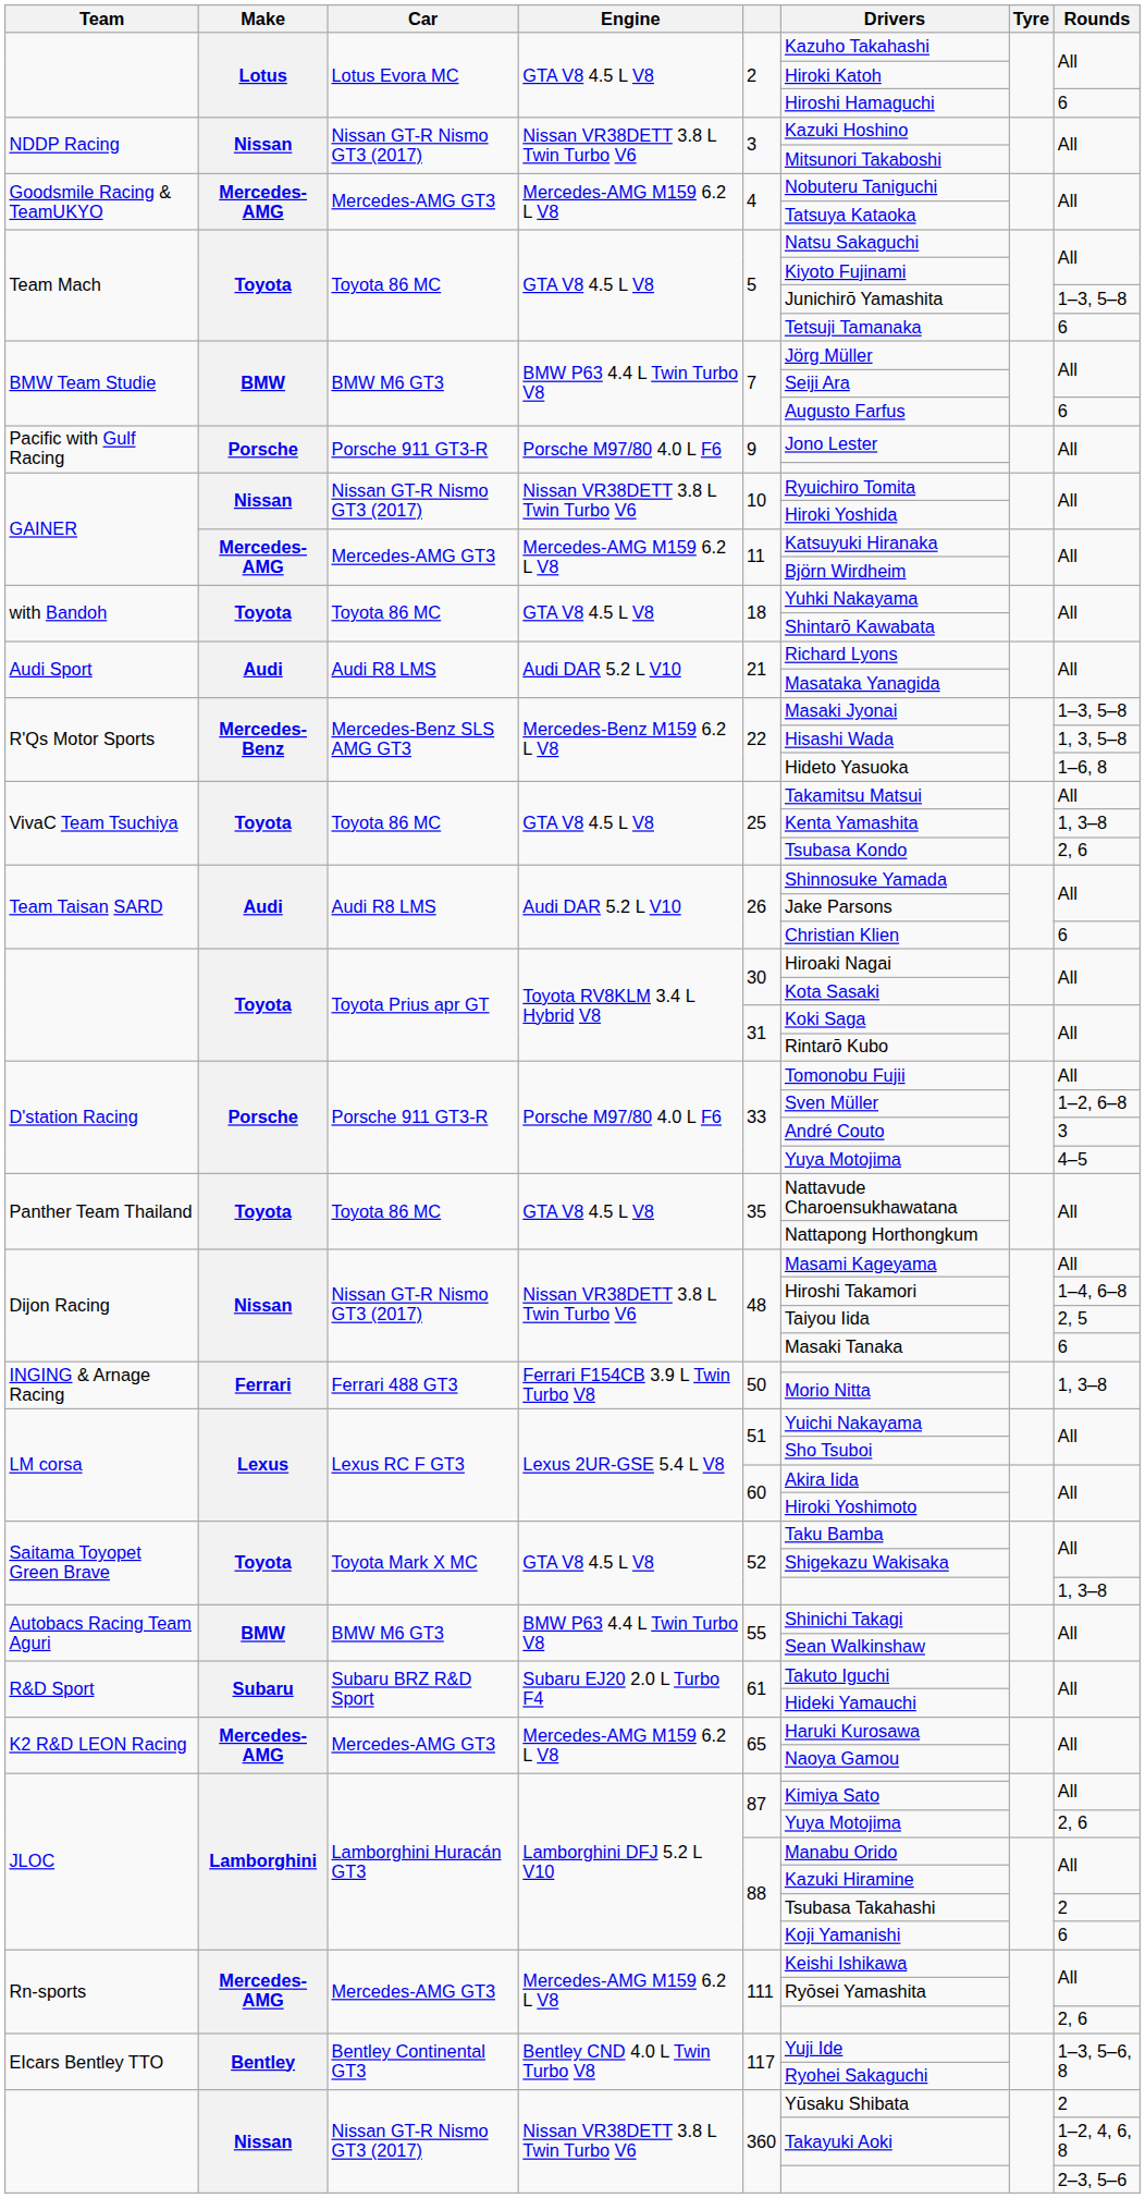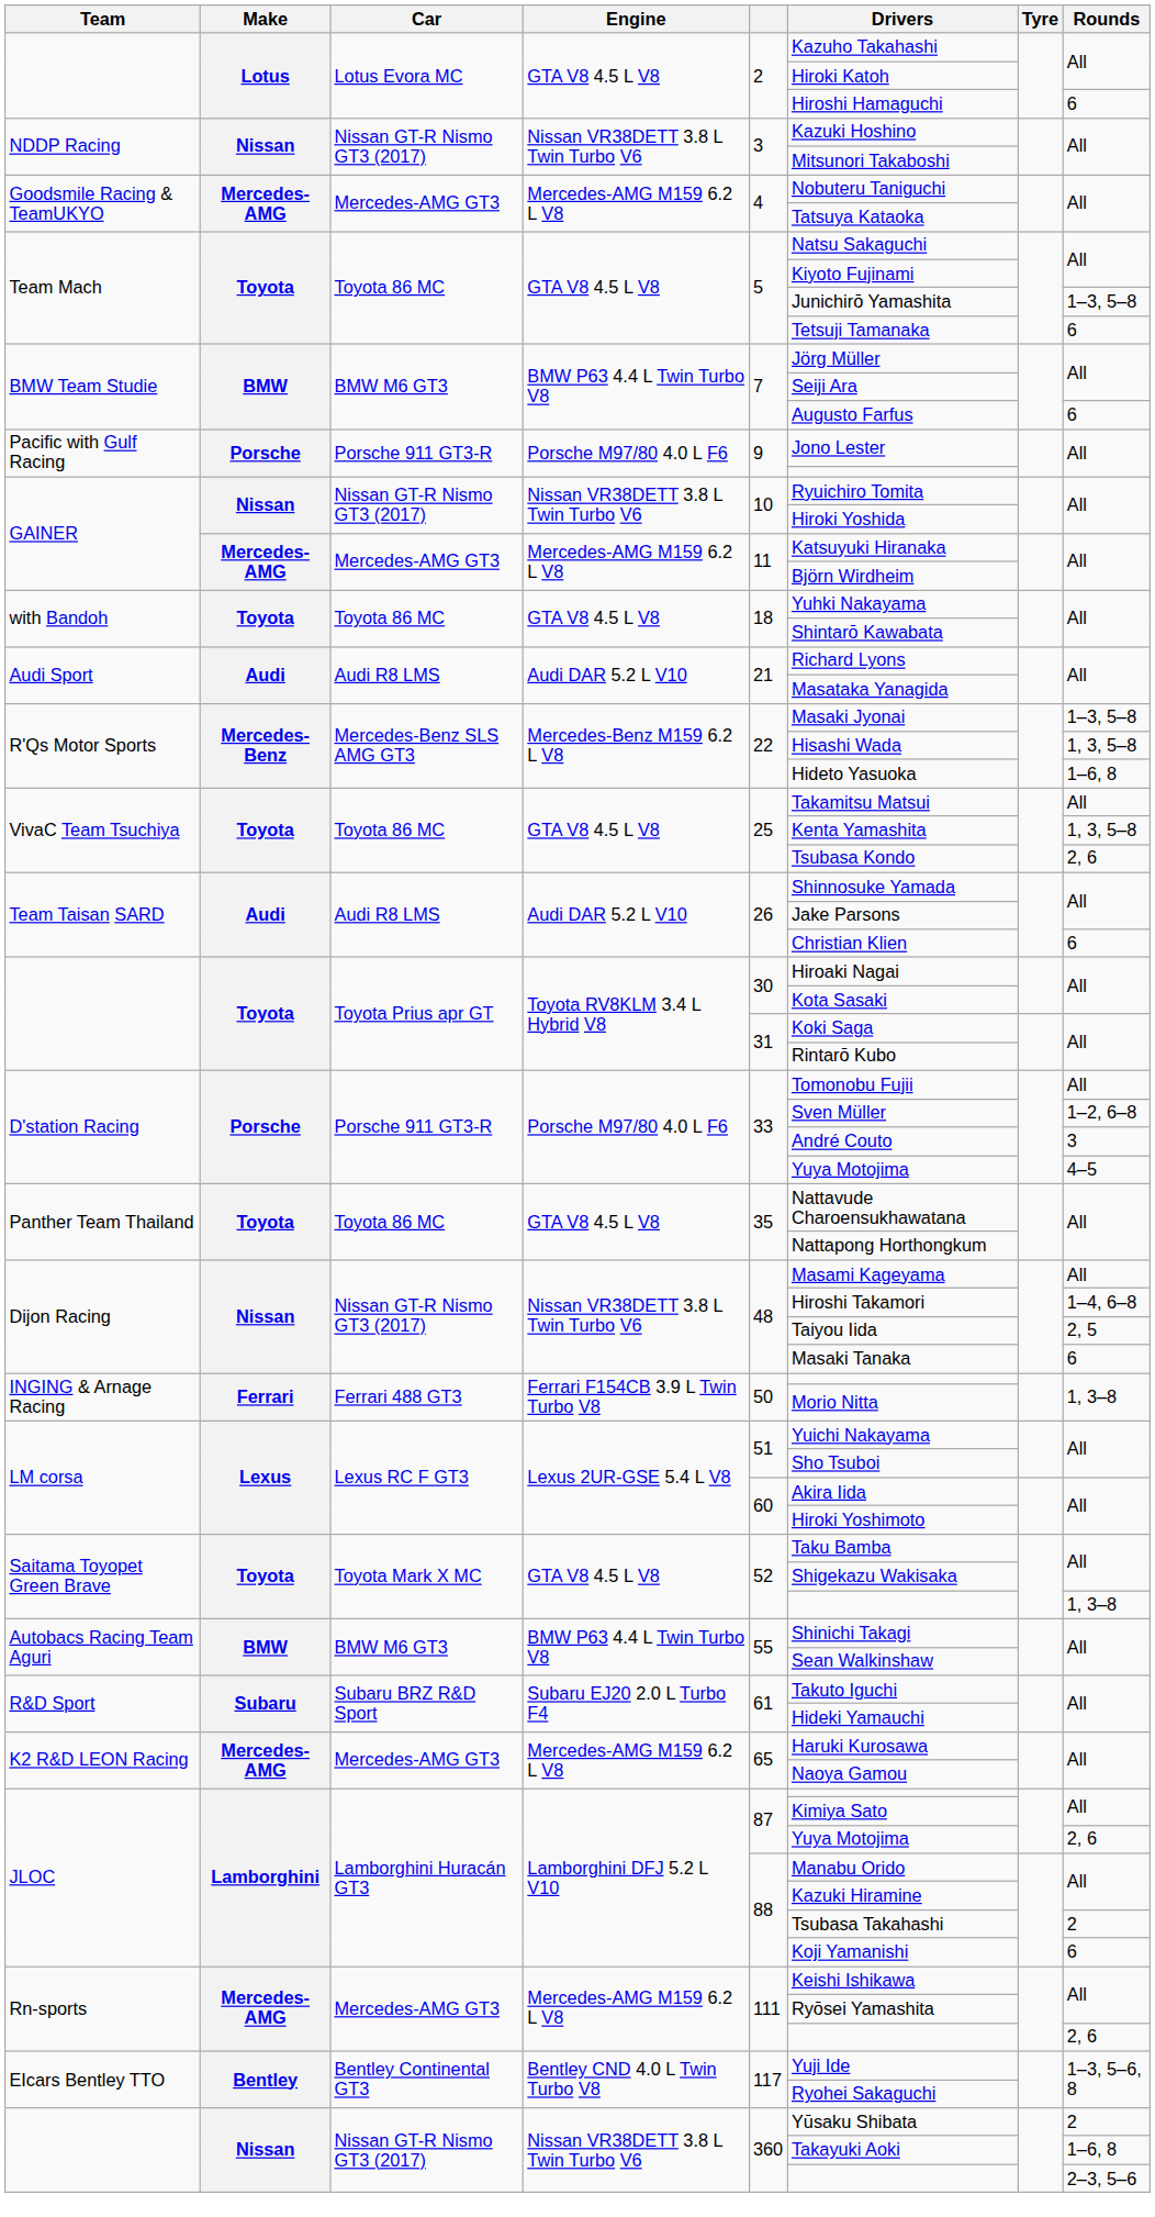 <table class="wikitable" style="font-size: 85%">
 <tr>
 <th>Team</th>
 <th>Make</th>
 <th>Car</th>
 <th>Engine</th>
 <th></th>
 <th>Drivers</th>
 <th>Tyre</th>
 <th>Rounds</th>
 </tr>
 <tr>
 <td rowspan=3> </td>
 <th rowspan=3><a href='#'>Lotus</a></th>
 <td rowspan=3><a href='#'>Lotus Evora MC</a></td>
 <td rowspan=3><a href='#'>GTA V8</a> 4.5 L <a href='#'>V8</a></td>
 <td rowspan=3>2</td>
 <td> <a href='#'>Kazuho Takahashi</a></td>
 <td rowspan=3 align=center></td>
 <td rowspan=2>All</td>
 </tr>
 <tr>
 <td> <a href='#'>Hiroki Katoh</a></td>
 </tr>
 <tr>
 <td> <a href='#'>Hiroshi Hamaguchi</a></td>
 <td>6</td>
 </tr>
 <tr>
 <td rowspan=2> <a href='#'>NDDP Racing</a></td>
 <th rowspan=2><a href='#'>Nissan</a></th>
 <td rowspan=2><a href='#'>Nissan GT-R Nismo GT3 (2017)</a></td>
 <td rowspan=2><a href='#'>Nissan VR38DETT</a> 3.8 L <a href='#'>Twin Turbo</a> <a href='#'>V6</a></td>
 <td rowspan=2>3</td>
 <td> <a href='#'>Kazuki Hoshino</a></td>
 <td rowspan=2 align=center></td>
 <td rowspan=2>All</td>
 </tr>
 <tr>
 <td> <a href='#'>Mitsunori Takaboshi</a></td>
 </tr>
 <tr>
 <td rowspan=2> <a href='#'>Goodsmile Racing</a> & <a href='#'>TeamUKYO</a></td>
 <th rowspan=2><a href='#'>Mercedes-AMG</a></th>
 <td rowspan=2><a href='#'>Mercedes-AMG GT3</a></td>
 <td rowspan=2><a href='#'>Mercedes-AMG M159</a> 6.2 L <a href='#'>V8</a></td>
 <td rowspan=2>4</td>
 <td> <a href='#'>Nobuteru Taniguchi</a></td>
 <td rowspan=2 align=center></td>
 <td rowspan=2>All</td>
 </tr>
 <tr>
 <td> <a href='#'>Tatsuya Kataoka</a></td>
 </tr>
 <tr>
 <td rowspan=4> Team Mach</td>
 <th rowspan=4><a href='#'>Toyota</a></th>
 <td rowspan=4><a href='#'>Toyota 86 MC</a></td>
 <td rowspan=4><a href='#'>GTA V8</a> 4.5 L <a href='#'>V8</a></td>
 <td rowspan=4>5</td>
 <td> <a href='#'>Natsu Sakaguchi</a></td>
 <td rowspan=4 align=center></td>
 <td rowspan=2>All</td>
 </tr>
 <tr>
 <td> <a href='#'>Kiyoto Fujinami</a></td>
 </tr>
 <tr>
 <td> Junichirō Yamashita</td>
 <td>1–3, 5–8</td>
 </tr>
 <tr>
 <td> <a href='#'>Tetsuji Tamanaka</a></td>
 <td>6</td>
 </tr>
 <tr>
 <td rowspan=3> <a href='#'>BMW Team Studie</a></td>
 <th rowspan=3><a href='#'>BMW</a></th>
 <td rowspan=3><a href='#'>BMW M6 GT3</a></td>
 <td rowspan=3><a href='#'>BMW P63</a> 4.4 L <a href='#'>Twin Turbo</a> <a href='#'>V8</a></td>
 <td rowspan=3>7</td>
 <td> <a href='#'>Jörg Müller</a></td>
 <td rowspan=3 align=center></td>
 <td rowspan=2>All</td>
 </tr>
 <tr>
 <td> <a href='#'>Seiji Ara</a></td>
 </tr>
 <tr>
 <td> <a href='#'>Augusto Farfus</a></td>
 <td>6</td>
 </tr>
 <tr>
 <td rowspan=2> Pacific with <a href='#'>Gulf</a> Racing</td>
 <th rowspan=2><a href='#'>Porsche</a></th>
 <td rowspan=2><a href='#'>Porsche 911 GT3-R</a></td>
 <td rowspan=2><a href='#'>Porsche M97/80</a> 4.0 L <a href='#'>F6</a></td>
 <td rowspan=2>9</td>
 <td> <a href='#'>Jono Lester</a></td>
 <td rowspan=2 align=center></td>
 <td rowspan=2>All</td>
 </tr>
 <tr>
 <td> </td>
 </tr>
 <tr>
 <td rowspan=4> <a href='#'>GAINER</a></td>
 <th rowspan=2><a href='#'>Nissan</a></th>
 <td rowspan=2><a href='#'>Nissan GT-R Nismo GT3 (2017)</a></td>
 <td rowspan=2><a href='#'>Nissan VR38DETT</a> 3.8 L <a href='#'>Twin Turbo</a> <a href='#'>V6</a></td>
 <td rowspan=2>10</td>
 <td> <a href='#'>Ryuichiro Tomita</a></td>
 <td rowspan=2 align=center></td>
 <td rowspan=2>All</td>
 </tr>
 <tr>
 <td> <a href='#'>Hiroki Yoshida</a></td>
 </tr>
 <tr>
 <th rowspan=2><a href='#'>Mercedes-AMG</a></th>
 <td rowspan=2><a href='#'>Mercedes-AMG GT3</a></td>
 <td rowspan=2><a href='#'>Mercedes-AMG M159</a> 6.2 L <a href='#'>V8</a></td>
 <td rowspan=2>11</td>
 <td> <a href='#'>Katsuyuki Hiranaka</a></td>
 <td rowspan=2 align=center></td>
 <td rowspan=2>All</td>
 </tr>
 <tr>
 <td> <a href='#'>Björn Wirdheim</a></td>
 </tr>
 <tr>
 <td rowspan=2>  with <a href='#'>Bandoh</a></td>
 <th rowspan=2><a href='#'>Toyota</a></th>
 <td rowspan=2><a href='#'>Toyota 86 MC</a></td>
 <td rowspan=2><a href='#'>GTA V8</a> 4.5 L <a href='#'>V8</a></td>
 <td rowspan=2>18</td>
 <td> <a href='#'>Yuhki Nakayama</a></td>
 <td rowspan=2 align=center></td>
 <td rowspan=2>All</td>
 </tr>
 <tr>
 <td> <a href='#'>Shintarō Kawabata</a></td>
 </tr>
 <tr>
 <td rowspan=2> <a href='#'>Audi Sport</a> </td>
 <th rowspan=2><a href='#'>Audi</a></th>
 <td rowspan=2><a href='#'>Audi R8 LMS</a></td>
 <td rowspan=2><a href='#'>Audi DAR</a> 5.2 L <a href='#'>V10</a></td>
 <td rowspan=2>21</td>
 <td> <a href='#'>Richard Lyons</a></td>
 <td rowspan=2 align=center></td>
 <td rowspan=2>All</td>
 </tr>
 <tr>
 <td> <a href='#'>Masataka Yanagida</a></td>
 </tr>
 <tr>
 <td rowspan=3> R'Qs Motor Sports</td>
 <th rowspan=3><a href='#'>Mercedes-Benz</a></th>
 <td rowspan=3><a href='#'>Mercedes-Benz SLS AMG GT3</a></td>
 <td rowspan=3><a href='#'>Mercedes-Benz M159</a> 6.2 L <a href='#'>V8</a></td>
 <td rowspan=3>22</td>
 <td> <a href='#'>Masaki Jyonai</a></td>
 <td rowspan=3 align=center></td>
 <td>1–3, 5–8</td>
 </tr>
 <tr>
 <td> <a href='#'>Hisashi Wada</a></td>
 <td>1, 3, 5–8</td>
 </tr>
 <tr>
 <td> Hideto Yasuoka</td>
 <td>1–6, 8</td>
 </tr>
 <tr>
 <td rowspan=3> VivaC <a href='#'>Team Tsuchiya</a></td>
 <th rowspan=3><a href='#'>Toyota</a></th>
 <td rowspan=3><a href='#'>Toyota 86 MC</a></td>
 <td rowspan=3><a href='#'>GTA V8</a> 4.5 L <a href='#'>V8</a></td>
 <td rowspan=3>25</td>
 <td> <a href='#'>Takamitsu Matsui</a></td>
 <td rowspan=3 align=center></td>
 <td>All</td>
 </tr>
 <tr>
 <td> <a href='#'>Kenta Yamashita</a></td>
-<td>1, 3–8</td>
+<td>1, 3, 5–8</td>
 </tr>
 <tr>
 <td> <a href='#'>Tsubasa Kondo</a></td>
 <td>2, 6</td>
 </tr>
 <tr>
 <td rowspan=3> <a href='#'>Team Taisan</a> <a href='#'>SARD</a></td>
 <th rowspan=3><a href='#'>Audi</a></th>
 <td rowspan=3><a href='#'>Audi R8 LMS</a></td>
 <td rowspan=3><a href='#'>Audi DAR</a> 5.2 L <a href='#'>V10</a></td>
 <td rowspan=3>26</td>
 <td> <a href='#'>Shinnosuke Yamada</a></td>
 <td rowspan=3 align=center></td>
 <td rowspan=2>All</td>
 </tr>
 <tr>
 <td> Jake Parsons</td>
 </tr>
 <tr>
 <td> <a href='#'>Christian Klien</a></td>
 <td>6</td>
 </tr>
 <tr>
 <td rowspan=4> </td>
 <th rowspan=4><a href='#'>Toyota</a></th>
 <td rowspan=4><a href='#'>Toyota Prius apr GT</a></td>
 <td rowspan=4><a href='#'>Toyota RV8KLM</a> 3.4 L <a href='#'>Hybrid</a> <a href='#'>V8</a></td>
 <td rowspan=2>30</td>
 <td> Hiroaki Nagai</td>
 <td rowspan=2 align=center></td>
 <td rowspan=2>All</td>
 </tr>
 <tr>
 <td> <a href='#'>Kota Sasaki</a></td>
 </tr>
 <tr>
 <td rowspan=2>31</td>
 <td> <a href='#'>Koki Saga</a></td>
 <td rowspan=2 align=center></td>
 <td rowspan=2>All</td>
 </tr>
 <tr>
 <td> Rintarō Kubo</td>
 </tr>
 <tr>
 <td rowspan=4> <a href='#'>D'station Racing</a></td>
 <th rowspan=4><a href='#'>Porsche</a></th>
 <td rowspan=4><a href='#'>Porsche 911 GT3-R</a></td>
 <td rowspan=4><a href='#'>Porsche M97/80</a> 4.0 L <a href='#'>F6</a></td>
 <td rowspan=4>33</td>
 <td> <a href='#'>Tomonobu Fujii</a></td>
 <td rowspan=4 align=center></td>
 <td>All</td>
 </tr>
 <tr>
 <td> <a href='#'>Sven Müller</a></td>
 <td>1–2, 6–8</td>
 </tr>
 <tr>
 <td> <a href='#'>André Couto</a></td>
 <td>3</td>
 </tr>
 <tr>
 <td> <a href='#'>Yuya Motojima</a></td>
 <td>4–5</td>
 </tr>
 <tr>
 <td rowspan=2> Panther Team Thailand</td>
 <th rowspan=2><a href='#'>Toyota</a></th>
 <td rowspan=2><a href='#'>Toyota 86 MC</a></td>
 <td rowspan=2><a href='#'>GTA V8</a> 4.5 L <a href='#'>V8</a></td>
 <td rowspan=2>35</td>
 <td> Nattavude Charoensukhawatana</td>
 <td rowspan=2 align=center></td>
 <td rowspan=2>All</td>
 </tr>
 <tr>
 <td> Nattapong Horthongkum</td>
 </tr>
 <tr>
 <td rowspan=4> Dijon Racing</td>
 <th rowspan=4><a href='#'>Nissan</a></th>
 <td rowspan=4><a href='#'>Nissan GT-R Nismo GT3 (2017)</a></td>
 <td rowspan=4><a href='#'>Nissan VR38DETT</a> 3.8 L <a href='#'>Twin Turbo</a> <a href='#'>V6</a></td>
 <td rowspan=4>48</td>
 <td> <a href='#'>Masami Kageyama</a></td>
 <td rowspan=4 align=center></td>
 <td>All</td>
 </tr>
 <tr>
 <td> Hiroshi Takamori</td>
 <td>1–4, 6–8</td>
 </tr>
 <tr>
 <td> Taiyou Iida</td>
 <td>2, 5</td>
 </tr>
 <tr>
 <td> Masaki Tanaka</td>
 <td>6</td>
 </tr>
 <tr>
 <td rowspan=2> <a href='#'>INGING</a> & Arnage Racing</td>
 <th rowspan=2><a href='#'>Ferrari</a></th>
 <td rowspan=2><a href='#'>Ferrari 488 GT3</a></td>
 <td rowspan=2><a href='#'>Ferrari F154CB</a> 3.9 L <a href='#'>Twin Turbo</a> <a href='#'>V8</a></td>
 <td rowspan=2>50</td>
 <td> </td>
 <td rowspan=2 align=center></td>
 <td rowspan=2>1, 3–8</td>
 </tr>
 <tr>
 <td> <a href='#'>Morio Nitta</a></td>
 </tr>
 <tr>
 <td rowspan=4> <a href='#'>LM corsa</a></td>
 <th rowspan=4><a href='#'>Lexus</a></th>
 <td rowspan=4><a href='#'>Lexus RC F GT3</a></td>
 <td rowspan=4><a href='#'>Lexus 2UR-GSE</a> 5.4 L <a href='#'>V8</a></td>
 <td rowspan=2>51</td>
 <td> <a href='#'>Yuichi Nakayama</a></td>
 <td rowspan=2 align=center></td>
 <td rowspan=2>All</td>
 </tr>
 <tr>
 <td> <a href='#'>Sho Tsuboi</a></td>
 </tr>
 <tr>
 <td rowspan=2>60</td>
 <td> <a href='#'>Akira Iida</a></td>
 <td rowspan=2 align=center></td>
 <td rowspan=2>All</td>
 </tr>
 <tr>
 <td> <a href='#'>Hiroki Yoshimoto</a></td>
 </tr>
 <tr>
 <td rowspan=3> <a href='#'>Saitama Toyopet Green Brave</a></td>
 <th rowspan=3><a href='#'>Toyota</a></th>
 <td rowspan=3><a href='#'>Toyota Mark X MC</a></td>
 <td rowspan=3><a href='#'>GTA V8</a> 4.5 L <a href='#'>V8</a></td>
 <td rowspan=3>52</td>
 <td> <a href='#'>Taku Bamba</a></td>
 <td rowspan=3 align=center></td>
 <td rowspan=2>All</td>
 </tr>
 <tr>
 <td> <a href='#'>Shigekazu Wakisaka</a></td>
 </tr>
 <tr>
 <td> </td>
 <td>1, 3–8</td>
 </tr>
 <tr>
 <td rowspan=2> <a href='#'>Autobacs Racing Team Aguri</a></td>
 <th rowspan=2><a href='#'>BMW</a></th>
 <td rowspan=2><a href='#'>BMW M6 GT3</a></td>
 <td rowspan=2><a href='#'>BMW P63</a> 4.4 L <a href='#'>Twin Turbo</a> <a href='#'>V8</a></td>
 <td rowspan=2>55</td>
 <td> <a href='#'>Shinichi Takagi</a></td>
 <td rowspan=2 align=center></td>
 <td rowspan=2>All</td>
 </tr>
 <tr>
 <td> <a href='#'>Sean Walkinshaw</a></td>
 </tr>
 <tr>
 <td rowspan=2> <a href='#'>R&D Sport</a></td>
 <th rowspan=2><a href='#'>Subaru</a></th>
 <td rowspan=2><a href='#'>Subaru BRZ R&D Sport</a></td>
 <td rowspan=2><a href='#'>Subaru EJ20</a> 2.0 L <a href='#'>Turbo</a> <a href='#'>F4</a></td>
 <td rowspan=2>61</td>
 <td> <a href='#'>Takuto Iguchi</a></td>
 <td rowspan=2 align=center></td>
 <td rowspan=2>All</td>
 </tr>
 <tr>
 <td> <a href='#'>Hideki Yamauchi</a></td>
 </tr>
 <tr>
 <td rowspan=2> <a href='#'>K2 R&D LEON Racing</a></td>
 <th rowspan=2><a href='#'>Mercedes-AMG</a></th>
 <td rowspan=2><a href='#'>Mercedes-AMG GT3</a></td>
 <td rowspan=2><a href='#'>Mercedes-AMG M159</a> 6.2 L <a href='#'>V8</a></td>
 <td rowspan=2>65</td>
 <td> <a href='#'>Haruki Kurosawa</a></td>
 <td rowspan=2 align=center></td>
 <td rowspan=2>All</td>
 </tr>
 <tr>
 <td> <a href='#'>Naoya Gamou</a></td>
 </tr>
 <tr>
 <td rowspan=7> <a href='#'>JLOC</a></td>
 <th rowspan=7><a href='#'>Lamborghini</a></th>
 <td rowspan=7><a href='#'>Lamborghini Huracán GT3</a></td>
 <td rowspan=7><a href='#'>Lamborghini DFJ</a> 5.2 L <a href='#'>V10</a></td>
 <td rowspan=3>87</td>
 <td> </td>
 <td rowspan=3 align=center></td>
 <td rowspan=2>All</td>
 </tr>
 <tr>
 <td> <a href='#'>Kimiya Sato</a></td>
 </tr>
 <tr>
 <td> <a href='#'>Yuya Motojima</a></td>
 <td>2, 6</td>
 </tr>
 <tr>
 <td rowspan=4>88</td>
 <td> <a href='#'>Manabu Orido</a></td>
 <td rowspan=4 align=center></td>
 <td rowspan=2>All</td>
 </tr>
 <tr>
 <td> <a href='#'>Kazuki Hiramine</a></td>
 </tr>
 <tr>
 <td> Tsubasa Takahashi</td>
 <td>2</td>
 </tr>
 <tr>
 <td> <a href='#'>Koji Yamanishi</a></td>
 <td>6</td>
 </tr>
 <tr>
 <td rowspan=3> Rn-sports</td>
 <th rowspan=3><a href='#'>Mercedes-AMG</a></th>
 <td rowspan=3><a href='#'>Mercedes-AMG GT3</a></td>
 <td rowspan=3><a href='#'>Mercedes-AMG M159</a> 6.2 L <a href='#'>V8</a></td>
 <td rowspan=3>111</td>
 <td> <a href='#'>Keishi Ishikawa</a></td>
 <td rowspan=3 align=center></td>
 <td rowspan=2>All</td>
 </tr>
 <tr>
 <td> Ryōsei Yamashita</td>
 </tr>
 <tr>
 <td> </td>
 <td>2, 6</td>
 </tr>
 <tr>
 <td rowspan=2> EIcars Bentley TTO</td>
 <th rowspan=2><a href='#'>Bentley</a></th>
 <td rowspan=2><a href='#'>Bentley Continental GT3</a></td>
 <td rowspan=2><a href='#'>Bentley CND</a> 4.0 L <a href='#'>Twin Turbo</a> <a href='#'>V8</a></td>
 <td rowspan=2>117</td>
 <td> <a href='#'>Yuji Ide</a></td>
 <td rowspan=2 align=center></td>
 <td rowspan=2>1–3, 5–6, 8</td>
 </tr>
 <tr>
 <td> <a href='#'>Ryohei Sakaguchi</a></td>
 </tr>
 <tr>
 <td rowspan=3> </td>
 <th rowspan=3><a href='#'>Nissan</a></th>
 <td rowspan=3><a href='#'>Nissan GT-R Nismo GT3 (2017)</a></td>
 <td rowspan=3><a href='#'>Nissan VR38DETT</a> 3.8 L <a href='#'>Twin Turbo</a> <a href='#'>V6</a></td>
 <td rowspan=3>360</td>
 <td> Yūsaku Shibata</td>
 <td rowspan=3 align=center></td>
 <td>2</td>
 </tr>
 <tr>
 <td> <a href='#'>Takayuki Aoki</a></td>
-<td>1–2, 4, 6, 8</td>
+<td>1–6, 8</td>
 </tr>
 <tr>
 <td> </td>
 <td>2–3, 5–6</td>
 </tr>
 </table>
